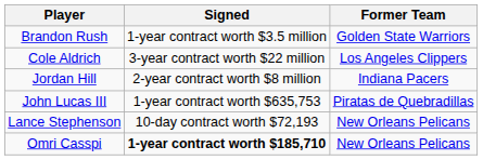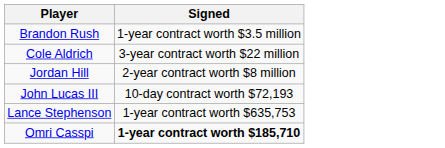 <table class="wikitable sortable sortable">
 <tr>
 <th>Player</th>
 <th>Signed</th>
-<th>Former Team</th>
 </tr>
 <tr style="text-align: center">
 <td><a href='#'>Brandon Rush</a></td>
 <td>1-year contract worth $3.5 million</td>
-<td><a href='#'>Golden State Warriors</a></td>
 </tr>
 <tr style="text-align: center">
 <td><a href='#'>Cole Aldrich</a></td>
 <td>3-year contract worth $22 million</td>
-<td><a href='#'>Los Angeles Clippers</a></td>
 </tr>
 <tr style="text-align: center">
 <td><a href='#'>Jordan Hill</a></td>
 <td>2-year contract worth $8 million</td>
-<td><a href='#'>Indiana Pacers</a></td>
 </tr>
 <tr style="text-align: center">
 <td><a href='#'>John Lucas III</a></td>
-<td>1-year contract worth $635,753</td>
-<td><a href='#'>Piratas de Quebradillas</a></td>
+<td>10-day contract worth $72,193</td>
 </tr>
 <tr style="text-align: center">
 <td><a href='#'>Lance Stephenson</a></td>
-<td>10-day contract worth $72,193</td>
-<td><a href='#'>New Orleans Pelicans</a></td>
+<td>1-year contract worth $635,753</td>
 </tr>
 <tr style="text-align: center">
 <td><a href='#'>Omri Casspi</a></td>
 <td><strong>1-year contract worth $185,710</strong></td>
-<td><a href='#'>New Orleans Pelicans</a></td>
 </tr>
 </table>
